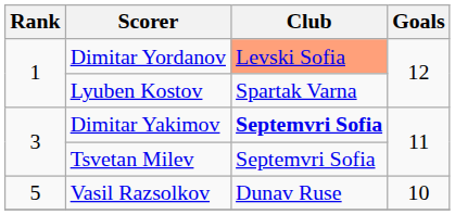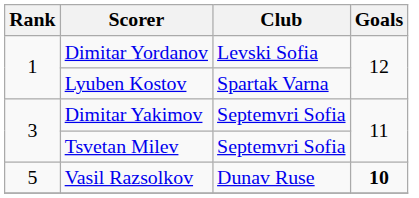 <table class="wikitable" style="text-align:center">
 <tr>
 <th>Rank</th>
 <th>Scorer</th>
 <th>Club</th>
 <th>Goals</th>
 </tr>
 <tr>
 <td rowspan="2">1</td>
 <td align="left"> <a href='#'>Dimitar Yordanov</a></td>
-<td align="left" style="background: lightsalmon;"><a href='#'>Levski Sofia</a></td>
+<td align="left"><a href='#'>Levski Sofia</a></td>
 <td rowspan="2">12</td>
 </tr>
 <tr>
 <td align="left"> <a href='#'>Lyuben Kostov</a></td>
 <td align="left"><a href='#'>Spartak Varna</a></td>
 </tr>
 <tr>
 <td rowspan="2">3</td>
 <td align="left"> <a href='#'>Dimitar Yakimov</a></td>
-<td align="left"><strong><a href='#'>Septemvri Sofia</a></strong></td>
+<td align="left"><a href='#'>Septemvri Sofia</a></td>
 <td rowspan="2">11</td>
 </tr>
 <tr>
 <td align="left"> <a href='#'>Tsvetan Milev</a></td>
 <td align="left"><a href='#'>Septemvri Sofia</a></td>
 </tr>
 <tr>
 <td rowspan="1">5</td>
 <td align="left"> <a href='#'>Vasil Razsolkov</a></td>
 <td align="left"><a href='#'>Dunav Ruse</a></td>
-<td rowspan="1">10</td>
+<td rowspan="1"><strong>10</strong></td>
 </tr>
 <tr>
 </tr>
 </table>
